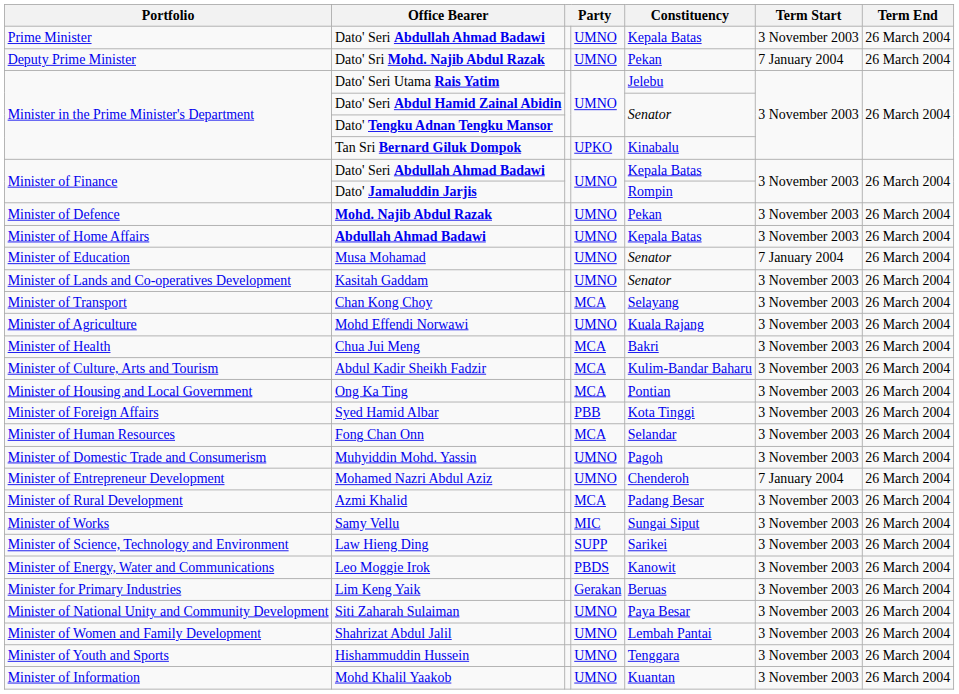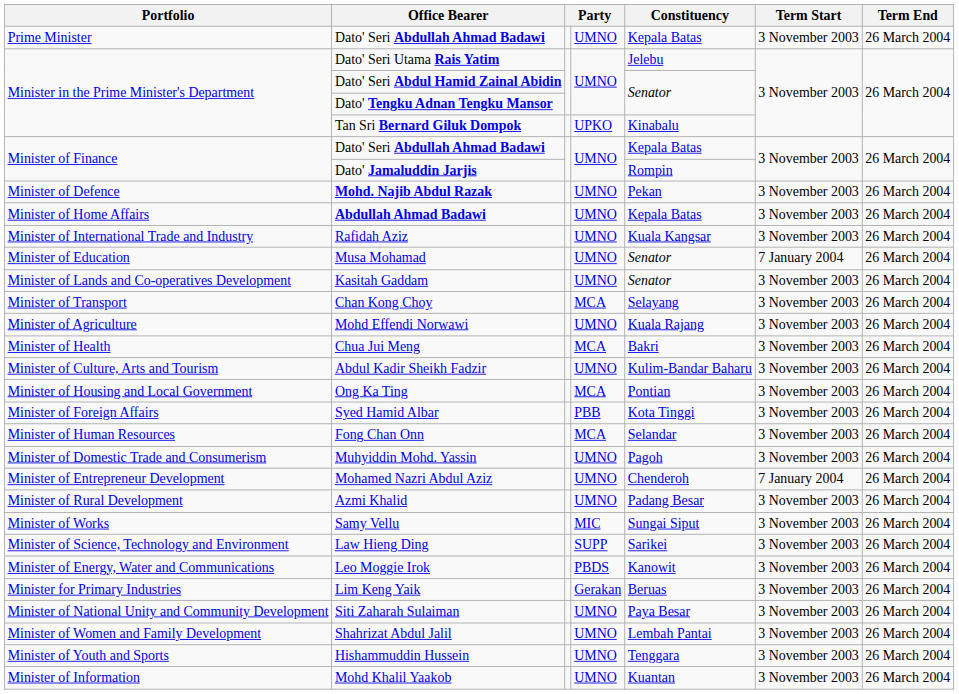 <table class="sortable wikitable">
 <tr>
 <th>Portfolio</th>
 <th>Office Bearer</th>
 <th colspan=2>Party</th>
 <th>Constituency</th>
 <th>Term Start</th>
 <th>Term End</th>
 </tr>
 <tr>
 <td><a href='#'>Prime Minister</a></td>
 <td>Dato' Seri <strong><a href='#'>Abdullah Ahmad Badawi</a></strong> </td>
 <td></td>
 <td><a href='#'>UMNO</a></td>
 <td><a href='#'>Kepala Batas</a></td>
 <td>3 November 2003</td>
-<td>26 March 2004</td>
-</tr>
-<tr>
-<td><a href='#'>Deputy Prime Minister</a></td>
-<td>Dato' Sri <strong><a href='#'>Mohd. Najib Abdul Razak</a></strong> </td>
-<td></td>
-<td><a href='#'>UMNO</a></td>
-<td><a href='#'>Pekan</a></td>
-<td>7 January 2004</td>
 <td>26 March 2004</td>
 </tr>
 <tr>
 <td rowspan=4><a href='#'>Minister in the Prime Minister's Department</a></td>
 <td>Dato' Seri Utama <strong><a href='#'>Rais Yatim</a></strong> </td>
 <td rowspan=3></td>
 <td rowspan=3><a href='#'>UMNO</a></td>
 <td><a href='#'>Jelebu</a></td>
 <td rowspan=4>3 November 2003</td>
 <td rowspan=4>26 March 2004</td>
 </tr>
 <tr>
 <td>Dato' Seri <strong><a href='#'>Abdul Hamid Zainal Abidin</a></strong></td>
 <td rowspan=2><em>Senator</em></td>
 </tr>
 <tr>
 <td>Dato' <strong><a href='#'>Tengku Adnan Tengku Mansor</a></strong></td>
 </tr>
 <tr>
 <td>Tan Sri <strong><a href='#'>Bernard Giluk Dompok</a></strong> </td>
 <td></td>
 <td><a href='#'>UPKO</a></td>
 <td><a href='#'>Kinabalu</a></td>
 </tr>
 <tr>
 <td rowspan=2><a href='#'>Minister of Finance</a></td>
 <td>Dato' Seri <strong><a href='#'>Abdullah Ahmad Badawi</a></strong> </td>
 <td rowspan=2></td>
 <td rowspan="2"><a href='#'>UMNO</a></td>
 <td><a href='#'>Kepala Batas</a></td>
 <td rowspan=2>3 November 2003</td>
 <td rowspan=2>26 March 2004</td>
 </tr>
 <tr>
 <td>Dato' <strong><a href='#'>Jamaluddin Jarjis</a></strong> </td>
 <td><a href='#'>Rompin</a></td>
 </tr>
 <tr>
 <td><a href='#'>Minister of Defence</a></td>
 <td><strong><a href='#'>Mohd. Najib Abdul Razak</a></strong> </td>
 <td rowspan=1></td>
 <td><a href='#'>UMNO</a></td>
 <td><a href='#'>Pekan</a></td>
 <td>3 November 2003</td>
 <td>26 March 2004</td>
 </tr>
 <tr>
 <td><a href='#'>Minister of Home Affairs</a></td>
 <td><strong><a href='#'>Abdullah Ahmad Badawi</a></strong> </td>
 <td rowspan=1></td>
 <td><a href='#'>UMNO</a></td>
 <td><a href='#'>Kepala Batas</a></td>
 <td>3 November 2003</td>
 <td>26 March 2004</td>
 </tr>
 <tr>
+<td><a href='#'>Minister of International Trade and Industry</a></td>
+<td><a href='#'>Rafidah Aziz</a> </td>
+<td rowspan=1></td>
+<td><a href='#'>UMNO</a></td>
+<td><a href='#'>Kuala Kangsar</a></td>
+<td>3 November 2003</td>
+<td>26 March 2004</td>
+</tr>
+<tr>
 <td><a href='#'>Minister of Education</a></td>
 <td><a href='#'>Musa Mohamad</a> </td>
 <td rowspan=1></td>
 <td><a href='#'>UMNO</a></td>
 <td><em>Senator</em></td>
 <td>7 January 2004</td>
 <td>26 March 2004</td>
 </tr>
 <tr>
 <td><a href='#'>Minister of Lands and Co-operatives Development</a></td>
 <td><a href='#'>Kasitah Gaddam</a> </td>
 <td rowspan=1></td>
 <td><a href='#'>UMNO</a></td>
 <td><em>Senator</em></td>
 <td>3 November 2003</td>
 <td>26 March 2004</td>
 </tr>
 <tr>
 <td><a href='#'>Minister of Transport</a></td>
 <td><a href='#'>Chan Kong Choy</a> </td>
 <td rowspan=1></td>
 <td><a href='#'>MCA</a></td>
 <td><a href='#'>Selayang</a></td>
 <td>3 November 2003</td>
 <td>26 March 2004</td>
 </tr>
 <tr>
 <td><a href='#'>Minister of Agriculture</a></td>
 <td><a href='#'>Mohd Effendi Norwawi</a> </td>
 <td rowspan=1></td>
 <td><a href='#'>UMNO</a></td>
 <td><a href='#'>Kuala Rajang</a></td>
 <td>3 November 2003</td>
 <td>26 March 2004</td>
 </tr>
 <tr>
 <td><a href='#'>Minister of Health</a></td>
 <td><a href='#'>Chua Jui Meng</a></td>
 <td rowspan=1></td>
 <td><a href='#'>MCA</a></td>
 <td><a href='#'>Bakri</a></td>
 <td>3 November 2003</td>
 <td>26 March 2004</td>
 </tr>
 <tr>
 <td><a href='#'>Minister of Culture, Arts and Tourism</a></td>
 <td><a href='#'>Abdul Kadir Sheikh Fadzir</a></td>
 <td rowspan=1></td>
-<td><a href='#'>MCA</a></td>
+<td><a href='#'>UMNO</a></td>
 <td><a href='#'>Kulim-Bandar Baharu</a></td>
 <td>3 November 2003</td>
 <td>26 March 2004</td>
 </tr>
 <tr>
 <td><a href='#'>Minister of Housing and Local Government</a></td>
 <td><a href='#'>Ong Ka Ting</a></td>
 <td rowspan=1></td>
 <td><a href='#'>MCA</a></td>
 <td><a href='#'>Pontian</a></td>
 <td>3 November 2003</td>
 <td>26 March 2004</td>
 </tr>
 <tr>
 <td><a href='#'>Minister of Foreign Affairs</a></td>
 <td><a href='#'>Syed Hamid Albar</a></td>
 <td rowspan=1></td>
 <td><a href='#'>PBB</a></td>
 <td><a href='#'>Kota Tinggi</a></td>
 <td>3 November 2003</td>
 <td>26 March 2004</td>
 </tr>
 <tr>
 <td><a href='#'>Minister of Human Resources</a></td>
 <td><a href='#'>Fong Chan Onn</a></td>
 <td rowspan=1></td>
 <td><a href='#'>MCA</a></td>
 <td><a href='#'>Selandar</a></td>
 <td>3 November 2003</td>
 <td>26 March 2004</td>
 </tr>
 <tr>
 <td><a href='#'>Minister of Domestic Trade and Consumerism</a></td>
 <td><a href='#'>Muhyiddin Mohd. Yassin</a></td>
 <td rowspan=1></td>
 <td><a href='#'>UMNO</a></td>
 <td><a href='#'>Pagoh</a></td>
 <td>3 November 2003</td>
 <td>26 March 2004</td>
 </tr>
 <tr>
 <td><a href='#'>Minister of Entrepreneur Development</a></td>
 <td><a href='#'>Mohamed Nazri Abdul Aziz</a></td>
 <td rowspan=1></td>
 <td><a href='#'>UMNO</a></td>
 <td><a href='#'>Chenderoh</a></td>
 <td>7 January 2004</td>
 <td>26 March 2004</td>
 </tr>
 <tr>
 <td><a href='#'>Minister of Rural Development</a></td>
 <td><a href='#'>Azmi Khalid</a></td>
 <td rowspan=1></td>
-<td><a href='#'>MCA</a></td>
+<td><a href='#'>UMNO</a></td>
 <td><a href='#'>Padang Besar</a></td>
 <td>3 November 2003</td>
 <td>26 March 2004</td>
 </tr>
 <tr>
 <td><a href='#'>Minister of Works</a></td>
 <td><a href='#'>Samy Vellu</a></td>
 <td rowspan=1></td>
 <td><a href='#'>MIC</a></td>
 <td><a href='#'>Sungai Siput</a></td>
 <td>3 November 2003</td>
 <td>26 March 2004</td>
 </tr>
 <tr>
 <td><a href='#'>Minister of Science, Technology and Environment</a></td>
 <td><a href='#'>Law Hieng Ding</a></td>
 <td rowspan=1></td>
 <td><a href='#'>SUPP</a></td>
 <td><a href='#'>Sarikei</a></td>
 <td>3 November 2003</td>
 <td>26 March 2004</td>
 </tr>
 <tr>
 <td><a href='#'>Minister of Energy, Water and Communications</a></td>
 <td><a href='#'>Leo Moggie Irok</a></td>
 <td rowspan=1></td>
 <td><a href='#'>PBDS</a></td>
 <td><a href='#'>Kanowit</a></td>
 <td>3 November 2003</td>
 <td>26 March 2004</td>
 </tr>
 <tr>
 <td><a href='#'>Minister for Primary Industries</a></td>
 <td><a href='#'>Lim Keng Yaik</a></td>
 <td rowspan=1></td>
 <td><a href='#'>Gerakan</a></td>
 <td><a href='#'>Beruas</a></td>
 <td>3 November 2003</td>
 <td>26 March 2004</td>
 </tr>
 <tr>
 <td><a href='#'>Minister of National Unity and Community Development</a></td>
 <td><a href='#'>Siti Zaharah Sulaiman</a></td>
 <td rowspan=1></td>
 <td><a href='#'>UMNO</a></td>
 <td><a href='#'>Paya Besar</a></td>
 <td>3 November 2003</td>
 <td>26 March 2004</td>
 </tr>
 <tr>
 <td><a href='#'>Minister of Women and Family Development</a></td>
 <td><a href='#'>Shahrizat Abdul Jalil</a></td>
 <td rowspan=1></td>
 <td><a href='#'>UMNO</a></td>
 <td><a href='#'>Lembah Pantai</a></td>
 <td>3 November 2003</td>
 <td>26 March 2004</td>
 </tr>
 <tr>
 <td><a href='#'>Minister of Youth and Sports</a></td>
 <td><a href='#'>Hishammuddin Hussein</a></td>
 <td rowspan=1></td>
 <td><a href='#'>UMNO</a></td>
 <td><a href='#'>Tenggara</a></td>
 <td>3 November 2003</td>
 <td>26 March 2004</td>
 </tr>
 <tr>
 <td><a href='#'>Minister of Information</a></td>
 <td><a href='#'>Mohd Khalil Yaakob</a></td>
 <td rowspan=1></td>
 <td><a href='#'>UMNO</a></td>
 <td><a href='#'>Kuantan</a></td>
 <td>3 November 2003</td>
 <td>26 March 2004</td>
 </tr>
 </table>
